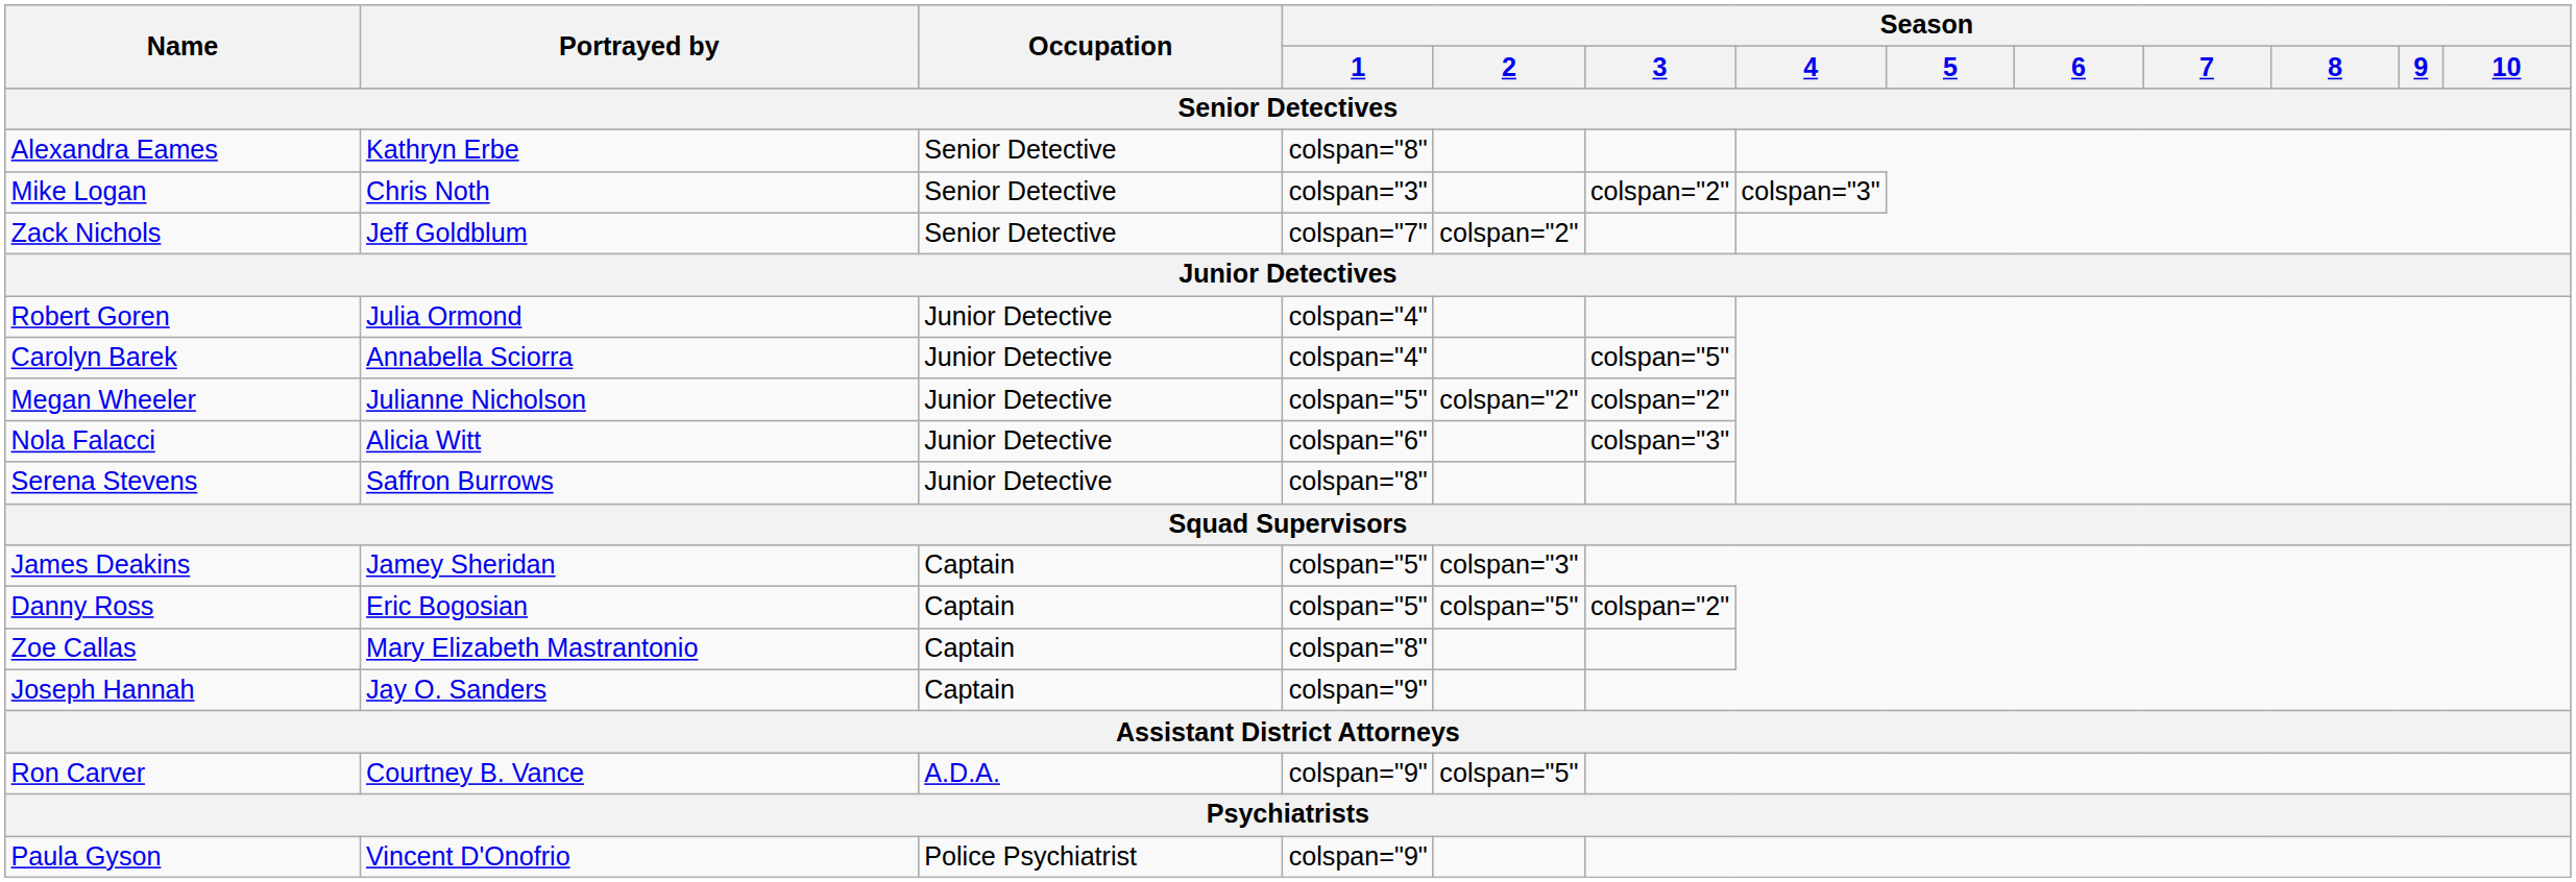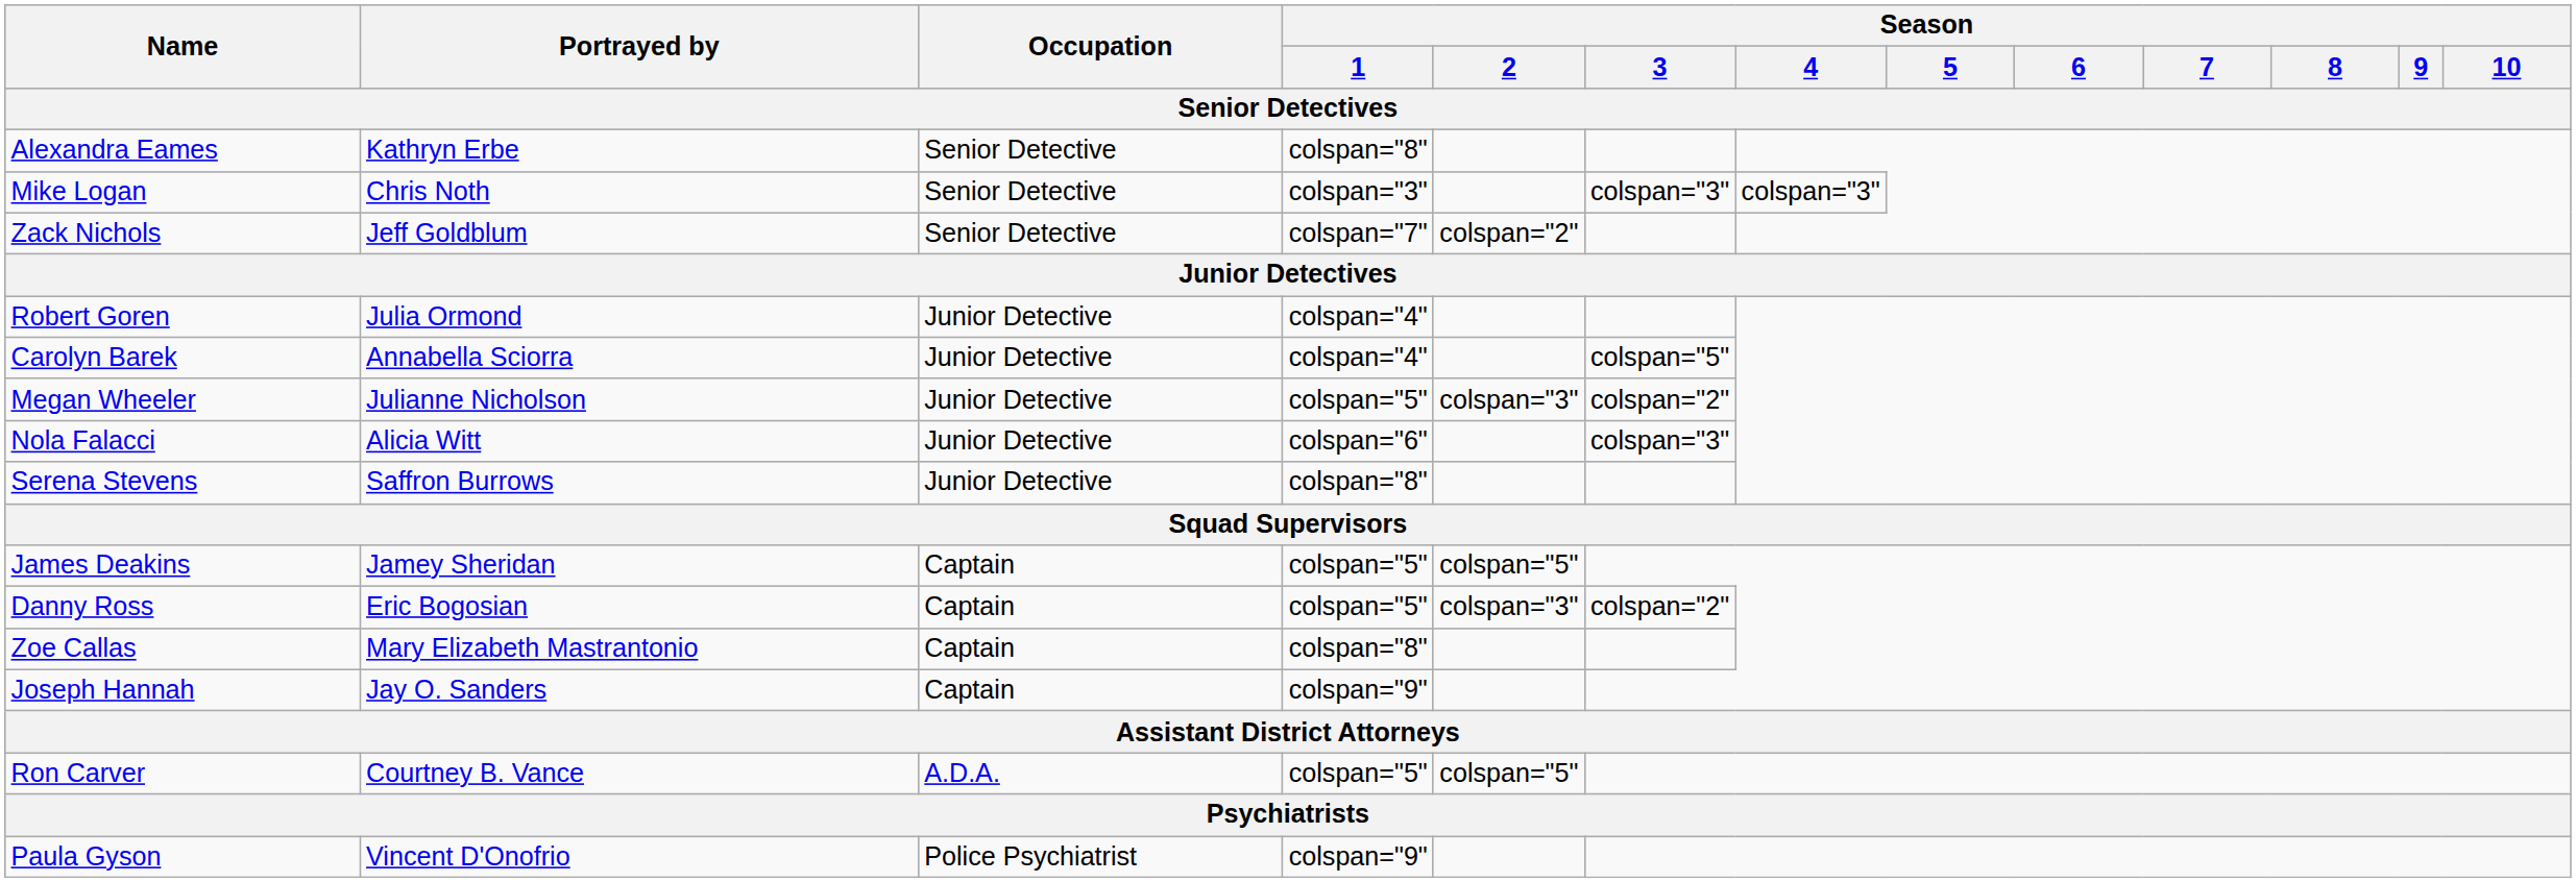 <table class="wikitable">
 <tr>
 <th rowspan="2">Name</th>
 <th rowspan="2">Portrayed by</th>
 <th rowspan="2">Occupation</th>
 <th colspan="10">Season</th>
 </tr>
 <tr>
 <th width="5%"><a href='#'>1</a></th>
 <th width="5%"><a href='#'>2</a></th>
 <th width="5%"><a href='#'>3</a></th>
 <th width="5%"><a href='#'>4</a></th>
 <th width="5%"><a href='#'>5</a></th>
 <th width="5%"><a href='#'>6</a></th>
 <th width="5%"><a href='#'>7</a></th>
 <th width="5%"><a href='#'>8</a></th>
 <th><a href='#'>9</a></th>
 <th width="5%"><a href='#'>10</a></th>
 </tr>
 <tr>
 <th colspan="14"><strong>Senior Detectives</strong></th>
 </tr>
 <tr>
 <td style=white-space:nowrap><a href='#'>Alexandra Eames</a></td>
 <td><a href='#'>Kathryn Erbe</a></td>
 <td>Senior Detective</td>
 <td>colspan="8" </td>
 <td></td>
 <td></td>
 </tr>
 <tr>
 <td><a href='#'>Mike Logan</a></td>
 <td><a href='#'>Chris Noth</a></td>
 <td>Senior Detective</td>
 <td>colspan="3" </td>
 <td></td>
-<td>colspan="2" </td>
+<td>colspan="3" </td>
 <td>colspan="3" </td>
 </tr>
 <tr>
 <td><a href='#'>Zack Nichols</a></td>
 <td><a href='#'>Jeff Goldblum</a></td>
 <td>Senior Detective</td>
 <td>colspan="7" </td>
 <td>colspan="2" </td>
 <td></td>
 </tr>
 <tr>
 <th colspan="14"><strong>Junior Detectives</strong></th>
 </tr>
 <tr>
 <td><a href='#'>Robert Goren</a></td>
 <td><a href='#'>Julia Ormond</a></td>
 <td>Junior Detective</td>
 <td>colspan="4" </td>
 <td></td>
 <td></td>
 </tr>
 <tr>
 <td><a href='#'>Carolyn Barek</a></td>
 <td><a href='#'>Annabella Sciorra</a></td>
 <td>Junior Detective</td>
 <td>colspan="4" </td>
 <td></td>
 <td>colspan="5" </td>
 </tr>
 <tr>
 <td><a href='#'>Megan Wheeler</a></td>
 <td><a href='#'>Julianne Nicholson</a></td>
 <td>Junior Detective</td>
 <td>colspan="5" </td>
-<td>colspan="2" </td>
+<td>colspan="3" </td>
 <td>colspan="2" </td>
 </tr>
 <tr>
 <td><a href='#'>Nola Falacci</a></td>
 <td><a href='#'>Alicia Witt</a></td>
 <td>Junior Detective</td>
 <td>colspan="6" </td>
 <td></td>
 <td>colspan="3" </td>
 </tr>
 <tr>
 <td><a href='#'>Serena Stevens</a></td>
 <td><a href='#'>Saffron Burrows</a></td>
 <td>Junior Detective</td>
 <td>colspan="8" </td>
 <td></td>
 <td></td>
 </tr>
 <tr>
 <th colspan="14"><strong>Squad Supervisors</strong></th>
 </tr>
 <tr>
 <td><a href='#'>James Deakins</a></td>
 <td><a href='#'>Jamey Sheridan</a></td>
 <td>Captain</td>
 <td>colspan="5" </td>
-<td>colspan="3" </td>
+<td>colspan="5" </td>
 </tr>
 <tr>
 <td><a href='#'>Danny Ross</a></td>
 <td><a href='#'>Eric Bogosian</a></td>
 <td>Captain</td>
 <td>colspan="5" </td>
-<td>colspan="5" </td>
+<td>colspan="3" </td>
 <td>colspan="2" </td>
 </tr>
 <tr>
 <td><a href='#'>Zoe Callas</a></td>
 <td><a href='#'>Mary Elizabeth Mastrantonio</a></td>
 <td>Captain</td>
 <td>colspan="8" </td>
 <td></td>
 <td></td>
 </tr>
 <tr>
 <td><a href='#'>Joseph Hannah</a></td>
 <td><a href='#'>Jay O. Sanders</a></td>
 <td>Captain</td>
 <td>colspan="9" </td>
 <td></td>
 </tr>
 <tr>
 <th colspan="14"><strong>Assistant District Attorneys</strong></th>
 </tr>
 <tr>
 <td><a href='#'>Ron Carver</a></td>
 <td><a href='#'>Courtney B. Vance</a></td>
 <td style=white-space:nowrap><a href='#'>A.D.A.</a></td>
-<td>colspan="9" </td>
+<td>colspan="5" </td>
 <td>colspan="5" </td>
 </tr>
 <tr>
 <th colspan="14"><strong>Psychiatrists</strong></th>
 </tr>
 <tr>
 <td><a href='#'>Paula Gyson</a></td>
 <td><a href='#'>Vincent D'Onofrio</a></td>
 <td>Police Psychiatrist</td>
 <td>colspan="9" </td>
 <td></td>
 </tr>
 <tr>
 </tr>
 </table>
